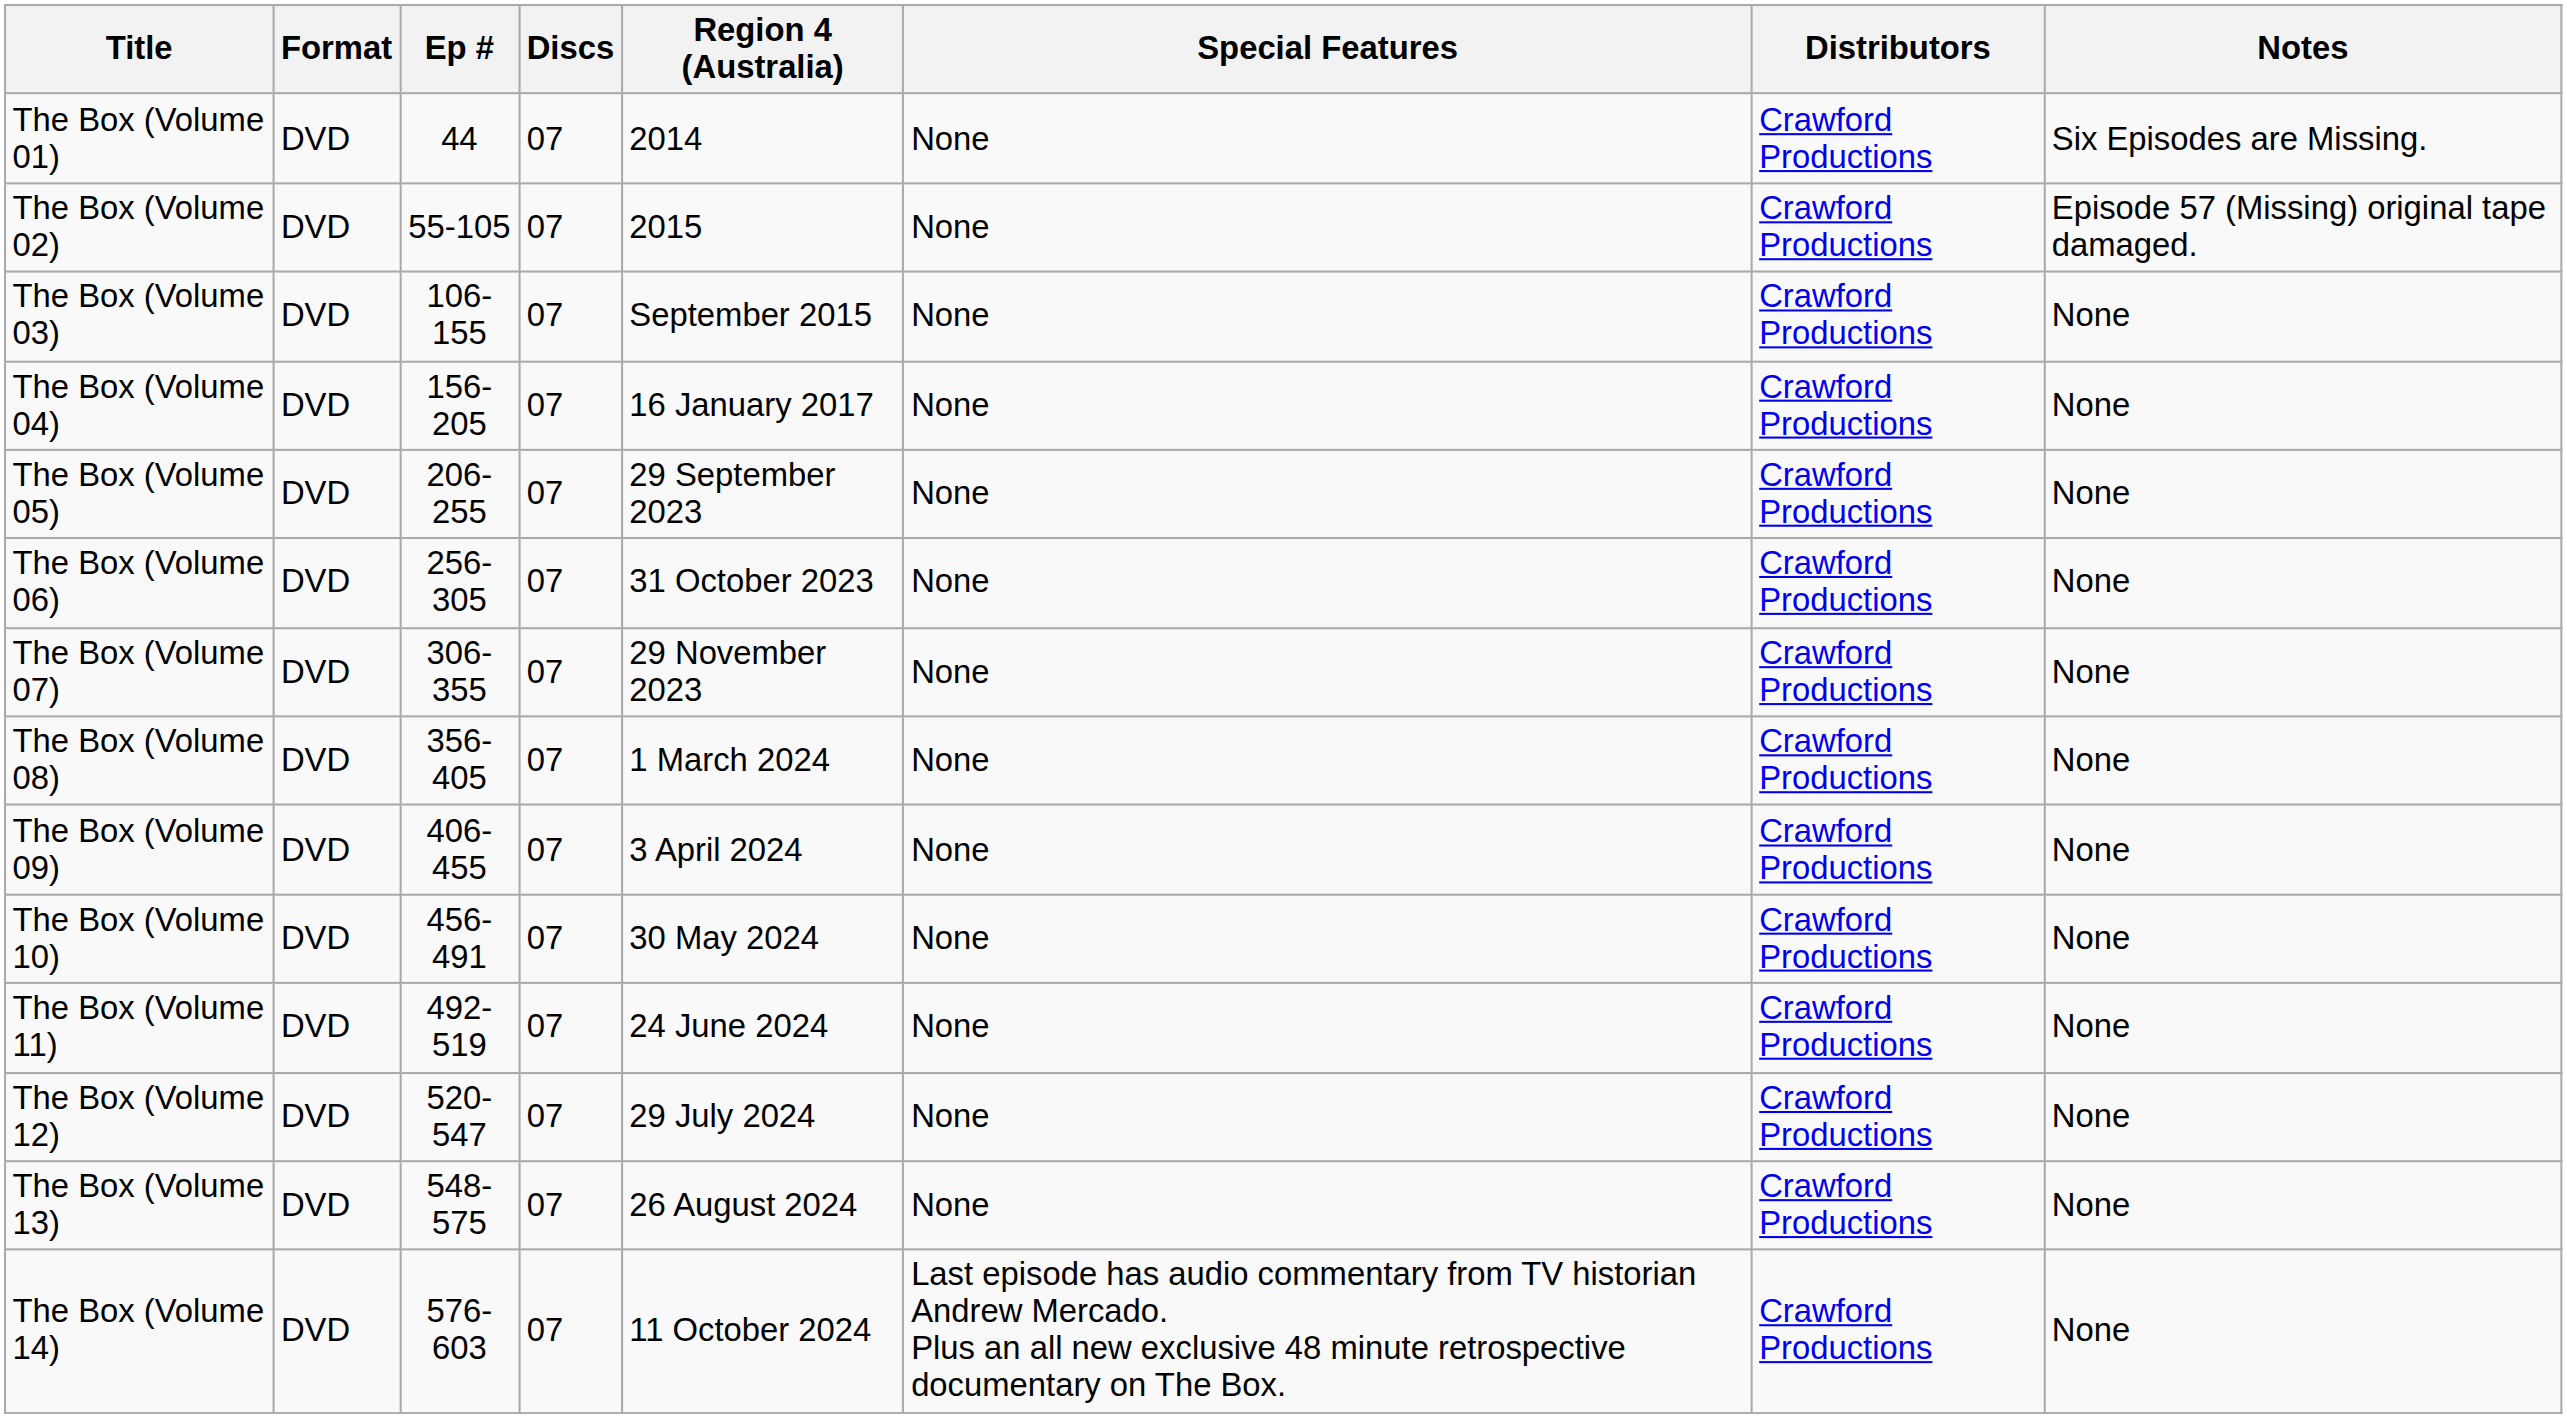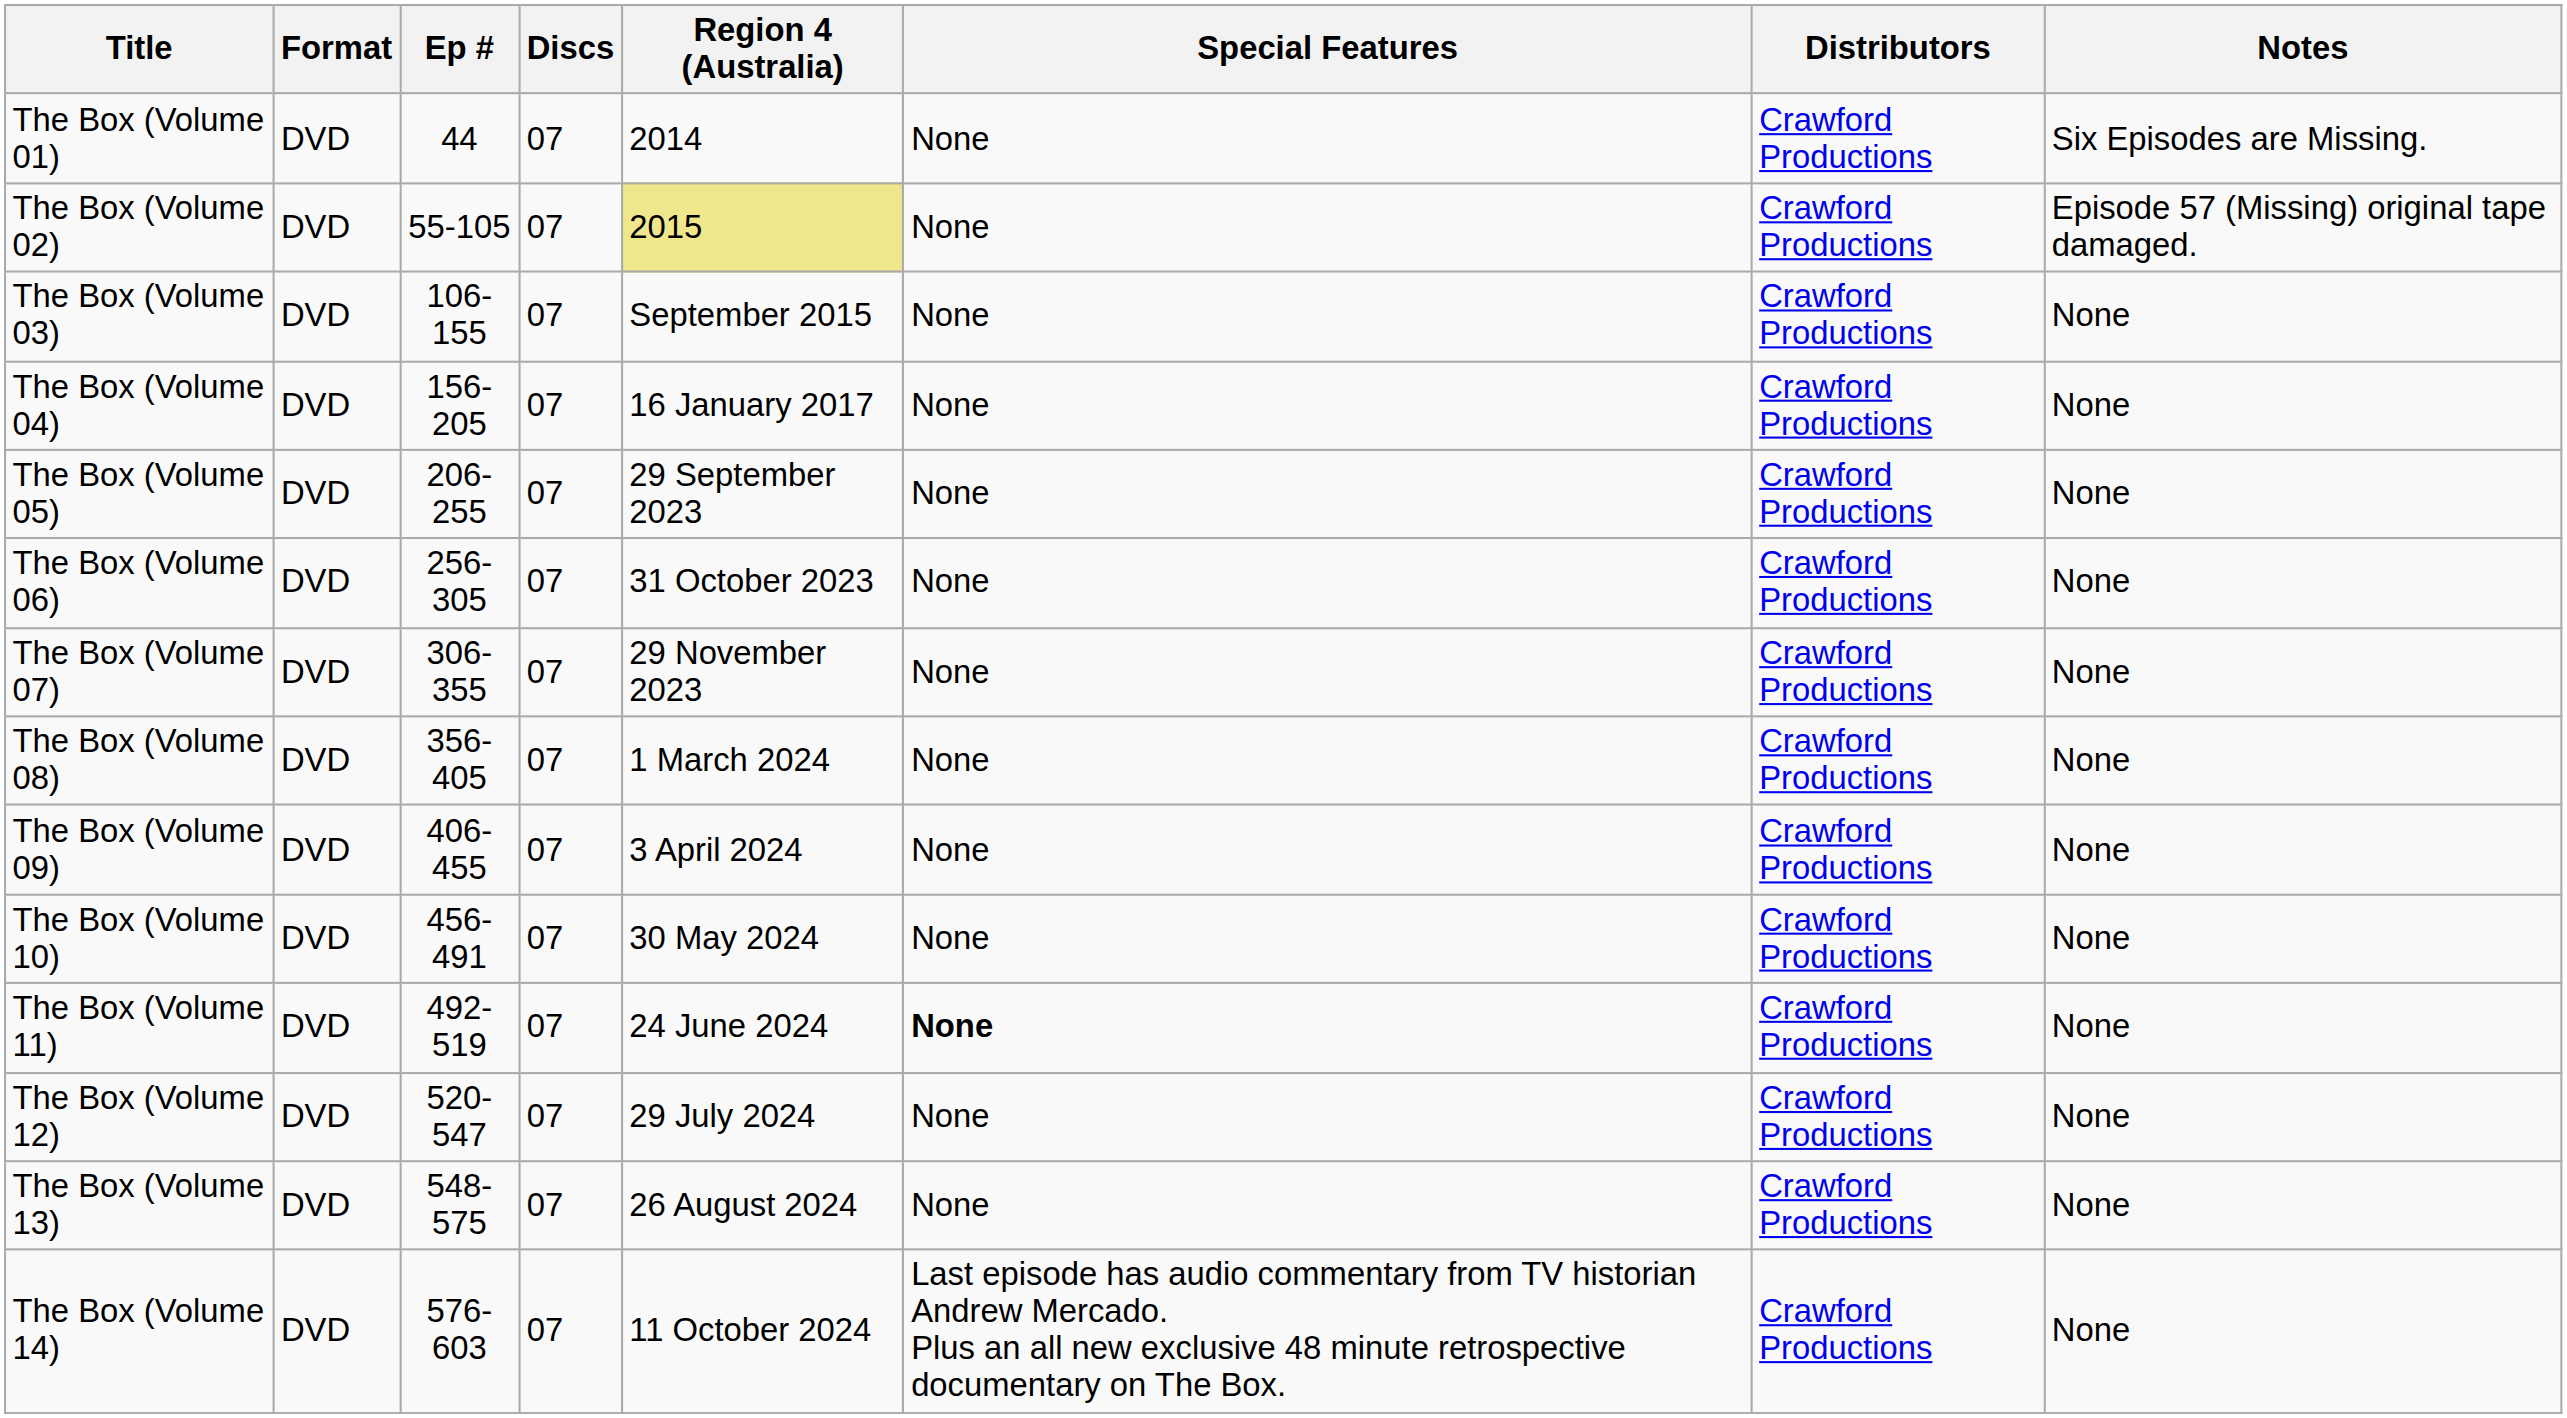 <table class="wikitable">
 <tr>
 <th>Title</th>
 <th>Format</th>
 <th>Ep #</th>
 <th>Discs</th>
 <th>Region 4 (Australia)</th>
 <th>Special Features</th>
 <th>Distributors</th>
 <th>Notes</th>
 </tr>
 <tr>
 <td>The Box (Volume 01)</td>
 <td>DVD</td>
 <td style="text-align:center;">44</td>
 <td>07</td>
 <td>2014</td>
 <td>None</td>
 <td><a href='#'>Crawford Productions</a></td>
 <td>Six Episodes are Missing.</td>
 </tr>
 <tr>
 <td>The Box (Volume 02)</td>
 <td>DVD</td>
 <td style="text-align:center;">55-105</td>
 <td>07</td>
-<td>2015</td>
+<td style="background: khaki;">2015</td>
 <td>None</td>
 <td><a href='#'>Crawford Productions</a></td>
 <td>Episode 57 (Missing) original tape damaged.</td>
 </tr>
 <tr>
 <td>The Box (Volume 03)</td>
 <td>DVD</td>
 <td style="text-align:center;">106-155</td>
 <td>07</td>
 <td>September 2015</td>
 <td>None</td>
 <td><a href='#'>Crawford Productions</a></td>
 <td>None</td>
 </tr>
 <tr>
 <td>The Box (Volume 04)</td>
 <td>DVD</td>
 <td style="text-align:center;">156-205</td>
 <td>07</td>
 <td>16 January 2017</td>
 <td>None</td>
 <td><a href='#'>Crawford Productions</a></td>
 <td>None</td>
 </tr>
 <tr>
 <td>The Box (Volume 05)</td>
 <td>DVD</td>
 <td style="text-align:center;">206-255</td>
 <td>07</td>
 <td>29 September 2023</td>
 <td>None</td>
 <td><a href='#'>Crawford Productions</a></td>
 <td>None</td>
 </tr>
 <tr>
 <td>The Box (Volume 06)</td>
 <td>DVD</td>
 <td style="text-align:center;">256-305</td>
 <td>07</td>
 <td>31 October 2023</td>
 <td>None</td>
 <td><a href='#'>Crawford Productions</a></td>
 <td>None</td>
 </tr>
 <tr>
 <td>The Box (Volume 07)</td>
 <td>DVD</td>
 <td style="text-align:center;">306-355</td>
 <td>07</td>
 <td>29 November 2023</td>
 <td>None</td>
 <td><a href='#'>Crawford Productions</a></td>
 <td>None</td>
 </tr>
 <tr>
 <td>The Box (Volume 08)</td>
 <td>DVD</td>
 <td style="text-align:center;">356-405</td>
 <td>07</td>
 <td>1 March 2024</td>
 <td>None</td>
 <td><a href='#'>Crawford Productions</a></td>
 <td>None</td>
 </tr>
 <tr>
 <td>The Box (Volume 09)</td>
 <td>DVD</td>
 <td style="text-align:center;">406-455</td>
 <td>07</td>
 <td>3 April 2024</td>
 <td>None</td>
 <td><a href='#'>Crawford Productions</a></td>
 <td>None</td>
 </tr>
 <tr>
 <td>The Box (Volume 10)</td>
 <td>DVD</td>
 <td style="text-align:center;">456-491</td>
 <td>07</td>
 <td>30 May 2024</td>
 <td>None</td>
 <td><a href='#'>Crawford Productions</a></td>
 <td>None</td>
 </tr>
 <tr>
 <td>The Box (Volume 11)</td>
 <td>DVD</td>
 <td style="text-align:center;">492-519</td>
 <td>07</td>
 <td>24 June 2024</td>
-<td>None</td>
+<td><strong>None</strong></td>
 <td><a href='#'>Crawford Productions</a></td>
 <td>None</td>
 </tr>
 <tr>
 <td>The Box (Volume 12)</td>
 <td>DVD</td>
 <td style="text-align:center;">520-547</td>
 <td>07</td>
 <td>29 July 2024</td>
 <td>None</td>
 <td><a href='#'>Crawford Productions</a></td>
 <td>None</td>
 </tr>
 <tr>
 <td>The Box (Volume 13)</td>
 <td>DVD</td>
 <td style="text-align:center;">548-575</td>
 <td>07</td>
 <td>26 August 2024</td>
 <td>None</td>
 <td><a href='#'>Crawford Productions</a></td>
 <td>None</td>
 </tr>
 <tr>
 <td>The Box (Volume 14)</td>
 <td>DVD</td>
 <td style="text-align:center;">576-603</td>
 <td>07</td>
 <td>11 October 2024</td>
 <td>Last episode has audio commentary from TV historian Andrew Mercado.<br>Plus an all new exclusive 48 minute retrospective documentary on The Box.</td>
 <td><a href='#'>Crawford Productions</a></td>
 <td>None</td>
 </tr>
 <tr>
 </tr>
 </table>
